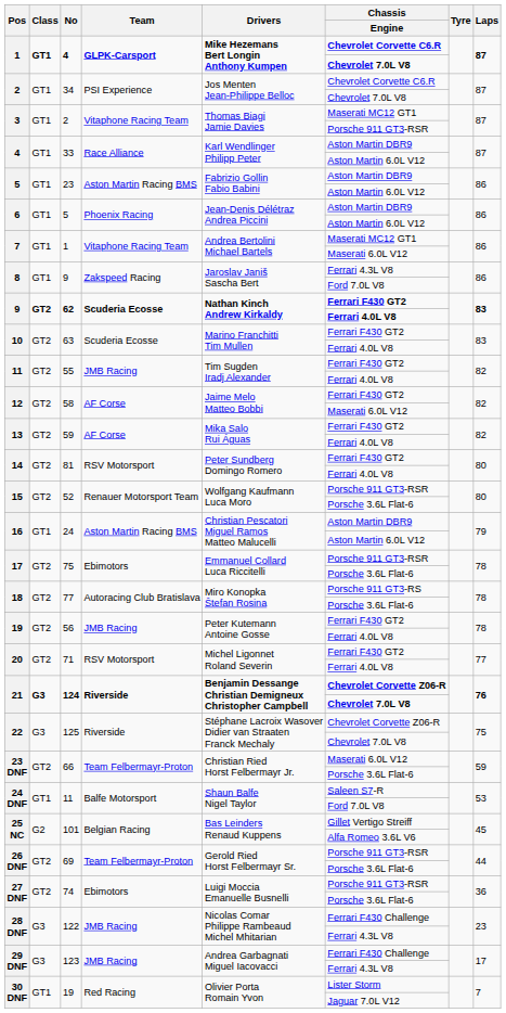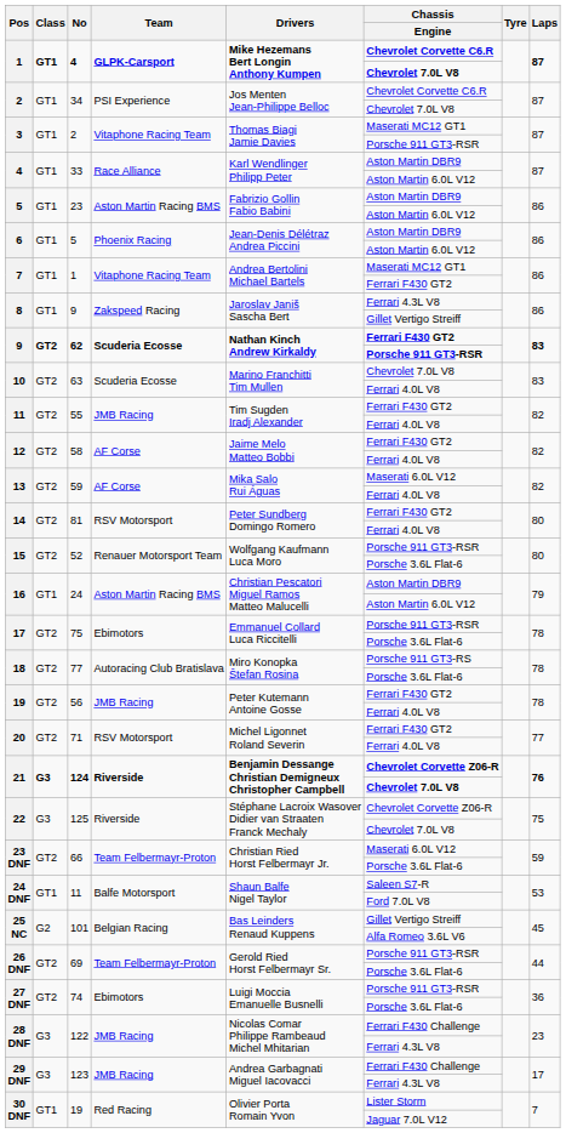 <table class="wikitable" style="font-size: 95%;">
 <tr>
 <th rowspan=2>Pos</th>
 <th rowspan=2>Class</th>
 <th rowspan=2>No</th>
 <th rowspan=2>Team</th>
 <th rowspan=2>Drivers</th>
 <th>Chassis</th>
 <th rowspan=2>Tyre</th>
 <th rowspan=2>Laps</th>
 </tr>
 <tr>
 <th>Engine</th>
 </tr>
 <tr style="font-weight:bold">
 <th rowspan=2>1</th>
 <td rowspan=2>GT1</td>
 <td rowspan=2>4</td>
 <td rowspan=2> <a href='#'>GLPK-Carsport</a></td>
 <td rowspan=2> Mike Hezemans<br> Bert Longin<br> <a href='#'>Anthony Kumpen</a></td>
 <td><a href='#'>Chevrolet Corvette C6.R</a></td>
 <td rowspan=2></td>
 <td rowspan=2>87</td>
 </tr>
 <tr style="font-weight:bold">
 <td><a href='#'>Chevrolet</a> 7.0L V8</td>
 </tr>
 <tr>
 <th rowspan=2>2</th>
 <td rowspan=2>GT1</td>
 <td rowspan=2>34</td>
 <td rowspan=2> PSI Experience</td>
 <td rowspan=2> Jos Menten<br> <a href='#'>Jean-Philippe Belloc</a></td>
 <td><a href='#'>Chevrolet Corvette C6.R</a></td>
 <td rowspan=2></td>
 <td rowspan=2>87</td>
 </tr>
 <tr>
 <td><a href='#'>Chevrolet</a> 7.0L V8</td>
 </tr>
 <tr>
 <th rowspan=2>3</th>
 <td rowspan=2>GT1</td>
 <td rowspan=2>2</td>
 <td rowspan=2> <a href='#'>Vitaphone Racing Team</a></td>
 <td rowspan=2> <a href='#'>Thomas Biagi</a><br> <a href='#'>Jamie Davies</a></td>
 <td><a href='#'>Maserati MC12</a> GT1</td>
 <td rowspan=2></td>
 <td rowspan=2>87</td>
 </tr>
 <tr>
 <td><a href='#'>Porsche 911 GT3</a>-RSR</td>
 </tr>
 <tr>
 <th rowspan=2>4</th>
 <td rowspan=2>GT1</td>
 <td rowspan=2>33</td>
 <td rowspan=2> <a href='#'>Race Alliance</a></td>
 <td rowspan=2> <a href='#'>Karl Wendlinger</a><br> <a href='#'>Philipp Peter</a></td>
 <td><a href='#'>Aston Martin DBR9</a></td>
 <td rowspan=2></td>
 <td rowspan=2>87</td>
 </tr>
 <tr>
 <td><a href='#'>Aston Martin</a> 6.0L V12</td>
 </tr>
 <tr>
 <th rowspan=2>5</th>
 <td rowspan=2>GT1</td>
 <td rowspan=2>23</td>
 <td rowspan=2> <a href='#'>Aston Martin</a> Racing <a href='#'>BMS</a></td>
 <td rowspan=2> <a href='#'>Fabrizio Gollin</a><br> <a href='#'>Fabio Babini</a></td>
 <td><a href='#'>Aston Martin DBR9</a></td>
 <td rowspan=2></td>
 <td rowspan=2>86</td>
 </tr>
 <tr>
 <td><a href='#'>Aston Martin</a> 6.0L V12</td>
 </tr>
 <tr>
 <th rowspan=2>6</th>
 <td rowspan=2>GT1</td>
 <td rowspan=2>5</td>
 <td rowspan=2> <a href='#'>Phoenix Racing</a></td>
 <td rowspan=2> <a href='#'>Jean-Denis Délétraz</a><br> <a href='#'>Andrea Piccini</a></td>
 <td><a href='#'>Aston Martin DBR9</a></td>
 <td rowspan=2></td>
 <td rowspan=2>86</td>
 </tr>
 <tr>
 <td><a href='#'>Aston Martin</a> 6.0L V12</td>
 </tr>
 <tr>
 <th rowspan=2>7</th>
 <td rowspan=2>GT1</td>
 <td rowspan=2>1</td>
 <td rowspan=2> <a href='#'>Vitaphone Racing Team</a></td>
 <td rowspan=2> <a href='#'>Andrea Bertolini</a><br> <a href='#'>Michael Bartels</a></td>
 <td><a href='#'>Maserati MC12</a> GT1</td>
 <td rowspan=2></td>
 <td rowspan=2>86</td>
 </tr>
 <tr>
-<td><a href='#'>Maserati</a> 6.0L V12</td>
+<td><a href='#'>Ferrari F430</a> GT2</td>
 </tr>
 <tr>
 <th rowspan=2>8</th>
 <td rowspan=2>GT1</td>
 <td rowspan=2>9</td>
 <td rowspan=2> <a href='#'>Zakspeed</a> Racing</td>
 <td rowspan=2> <a href='#'>Jaroslav Janiš</a><br> Sascha Bert</td>
 <td><a href='#'>Ferrari</a> 4.3L V8</td>
 <td rowspan=2></td>
 <td rowspan=2>86</td>
 </tr>
 <tr>
-<td><a href='#'>Ford</a> 7.0L V8</td>
+<td><a href='#'>Gillet</a> Vertigo Streiff</td>
 </tr>
 <tr style="font-weight:bold">
 <th rowspan=2>9</th>
 <td rowspan=2>GT2</td>
 <td rowspan=2>62</td>
 <td rowspan=2> Scuderia Ecosse</td>
 <td rowspan=2> Nathan Kinch<br> <a href='#'>Andrew Kirkaldy</a></td>
 <td><a href='#'>Ferrari F430</a> GT2</td>
 <td rowspan=2></td>
 <td rowspan=2>83</td>
 </tr>
 <tr style="font-weight:bold">
-<td><a href='#'>Ferrari</a> 4.0L V8</td>
+<td><a href='#'>Porsche 911 GT3</a>-RSR</td>
 </tr>
 <tr>
 <th rowspan=2>10</th>
 <td rowspan=2>GT2</td>
 <td rowspan=2>63</td>
 <td rowspan=2> Scuderia Ecosse</td>
 <td rowspan=2> <a href='#'>Marino Franchitti</a><br> <a href='#'>Tim Mullen</a></td>
-<td><a href='#'>Ferrari F430</a> GT2</td>
+<td><a href='#'>Chevrolet</a> 7.0L V8</td>
 <td rowspan=2></td>
 <td rowspan=2>83</td>
 </tr>
 <tr>
 <td><a href='#'>Ferrari</a> 4.0L V8</td>
 </tr>
 <tr>
 <th rowspan=2>11</th>
 <td rowspan=2>GT2</td>
 <td rowspan=2>55</td>
 <td rowspan=2> <a href='#'>JMB Racing</a></td>
 <td rowspan=2> Tim Sugden<br> <a href='#'>Iradj Alexander</a></td>
 <td><a href='#'>Ferrari F430</a> GT2</td>
 <td rowspan=2></td>
 <td rowspan=2>82</td>
 </tr>
 <tr>
 <td><a href='#'>Ferrari</a> 4.0L V8</td>
 </tr>
 <tr>
 <th rowspan=2>12</th>
 <td rowspan=2>GT2</td>
 <td rowspan=2>58</td>
 <td rowspan=2> <a href='#'>AF Corse</a></td>
 <td rowspan=2> <a href='#'>Jaime Melo</a><br> <a href='#'>Matteo Bobbi</a></td>
 <td><a href='#'>Ferrari F430</a> GT2</td>
 <td rowspan=2></td>
 <td rowspan=2>82</td>
 </tr>
 <tr>
-<td><a href='#'>Maserati</a> 6.0L V12</td>
+<td><a href='#'>Ferrari</a> 4.0L V8</td>
 </tr>
 <tr>
 <th rowspan=2>13</th>
 <td rowspan=2>GT2</td>
 <td rowspan=2>59</td>
 <td rowspan=2> <a href='#'>AF Corse</a></td>
 <td rowspan=2> <a href='#'>Mika Salo</a><br> <a href='#'>Rui Águas</a></td>
-<td><a href='#'>Ferrari F430</a> GT2</td>
+<td><a href='#'>Maserati</a> 6.0L V12</td>
 <td rowspan=2></td>
 <td rowspan=2>82</td>
 </tr>
 <tr>
 <td><a href='#'>Ferrari</a> 4.0L V8</td>
 </tr>
 <tr>
 <th rowspan=2>14</th>
 <td rowspan=2>GT2</td>
 <td rowspan=2>81</td>
 <td rowspan=2> RSV Motorsport</td>
 <td rowspan=2> <a href='#'>Peter Sundberg</a><br> Domingo Romero</td>
 <td><a href='#'>Ferrari F430</a> GT2</td>
 <td rowspan=2></td>
 <td rowspan=2>80</td>
 </tr>
 <tr>
 <td><a href='#'>Ferrari</a> 4.0L V8</td>
 </tr>
 <tr>
 <th rowspan=2>15</th>
 <td rowspan=2>GT2</td>
 <td rowspan=2>52</td>
 <td rowspan=2> Renauer Motorsport Team</td>
 <td rowspan=2> Wolfgang Kaufmann<br> Luca Moro</td>
 <td><a href='#'>Porsche 911 GT3</a>-RSR</td>
 <td rowspan=2></td>
 <td rowspan=2>80</td>
 </tr>
 <tr>
 <td><a href='#'>Porsche</a> 3.6L Flat-6</td>
 </tr>
 <tr>
 <th rowspan=2>16</th>
 <td rowspan=2>GT1</td>
 <td rowspan=2>24</td>
 <td rowspan=2> <a href='#'>Aston Martin</a> Racing <a href='#'>BMS</a></td>
 <td rowspan=2> <a href='#'>Christian Pescatori</a><br> <a href='#'>Miguel Ramos</a><br> Matteo Malucelli</td>
 <td><a href='#'>Aston Martin DBR9</a></td>
 <td rowspan=2></td>
 <td rowspan=2>79</td>
 </tr>
 <tr>
 <td><a href='#'>Aston Martin</a> 6.0L V12</td>
 </tr>
 <tr>
 <th rowspan=2>17</th>
 <td rowspan=2>GT2</td>
 <td rowspan=2>75</td>
 <td rowspan=2> Ebimotors</td>
 <td rowspan=2> <a href='#'>Emmanuel Collard</a><br> Luca Riccitelli</td>
 <td><a href='#'>Porsche 911 GT3</a>-RSR</td>
 <td rowspan=2></td>
 <td rowspan=2>78</td>
 </tr>
 <tr>
 <td><a href='#'>Porsche</a> 3.6L Flat-6</td>
 </tr>
 <tr>
 <th rowspan=2>18</th>
 <td rowspan=2>GT2</td>
 <td rowspan=2>77</td>
 <td rowspan=2> Autoracing Club Bratislava</td>
 <td rowspan=2> Miro Konopka<br> <a href='#'>Štefan Rosina</a></td>
 <td><a href='#'>Porsche 911 GT3</a>-RS</td>
 <td rowspan=2></td>
 <td rowspan=2>78</td>
 </tr>
 <tr>
 <td><a href='#'>Porsche</a> 3.6L Flat-6</td>
 </tr>
 <tr>
 <th rowspan=2>19</th>
 <td rowspan=2>GT2</td>
 <td rowspan=2>56</td>
 <td rowspan=2> <a href='#'>JMB Racing</a></td>
 <td rowspan=2> Peter Kutemann<br> Antoine Gosse</td>
 <td><a href='#'>Ferrari F430</a> GT2</td>
 <td rowspan=2></td>
 <td rowspan=2>78</td>
 </tr>
 <tr>
 <td><a href='#'>Ferrari</a> 4.0L V8</td>
 </tr>
 <tr>
 <th rowspan=2>20</th>
 <td rowspan=2>GT2</td>
 <td rowspan=2>71</td>
 <td rowspan=2> RSV Motorsport</td>
 <td rowspan=2> Michel Ligonnet<br> Roland Severin</td>
 <td><a href='#'>Ferrari F430</a> GT2</td>
 <td rowspan=2></td>
 <td rowspan=2>77</td>
 </tr>
 <tr>
 <td><a href='#'>Ferrari</a> 4.0L V8</td>
 </tr>
 <tr style="font-weight:bold">
 <th rowspan=2>21</th>
 <td rowspan=2>G3</td>
 <td rowspan=2>124</td>
 <td rowspan=2> Riverside</td>
 <td rowspan=2> Benjamin Dessange<br> Christian Demigneux<br> Christopher Campbell</td>
 <td><a href='#'>Chevrolet Corvette</a> Z06-R</td>
 <td rowspan=2></td>
 <td rowspan=2>76</td>
 </tr>
 <tr style="font-weight:bold">
 <td><a href='#'>Chevrolet</a> 7.0L V8</td>
 </tr>
 <tr>
 <th rowspan=2>22</th>
 <td rowspan=2>G3</td>
 <td rowspan=2>125</td>
 <td rowspan=2> Riverside</td>
 <td rowspan=2> Stéphane Lacroix Wasover<br> Didier van Straaten<br> Franck Mechaly</td>
 <td><a href='#'>Chevrolet Corvette</a> Z06-R</td>
 <td rowspan=2></td>
 <td rowspan=2>75</td>
 </tr>
 <tr>
 <td><a href='#'>Chevrolet</a> 7.0L V8</td>
 </tr>
 <tr>
 <th rowspan=2>23<br>DNF</th>
 <td rowspan=2>GT2</td>
 <td rowspan=2>66</td>
 <td rowspan=2> <a href='#'>Team Felbermayr-Proton</a></td>
 <td rowspan=2> Christian Ried<br> Horst Felbermayr Jr.</td>
 <td><a href='#'>Maserati</a> 6.0L V12</td>
 <td rowspan=2></td>
 <td rowspan=2>59</td>
 </tr>
 <tr>
 <td><a href='#'>Porsche</a> 3.6L Flat-6</td>
 </tr>
 <tr>
 <th rowspan=2>24<br>DNF</th>
 <td rowspan=2>GT1</td>
 <td rowspan=2>11</td>
 <td rowspan=2> Balfe Motorsport</td>
 <td rowspan=2> <a href='#'>Shaun Balfe</a><br> Nigel Taylor</td>
 <td><a href='#'>Saleen S7</a>-R</td>
 <td rowspan=2></td>
 <td rowspan=2>53</td>
 </tr>
 <tr>
 <td><a href='#'>Ford</a> 7.0L V8</td>
 </tr>
 <tr>
 <th rowspan=2>25<br>NC</th>
 <td rowspan=2>G2</td>
 <td rowspan=2>101</td>
 <td rowspan=2> Belgian Racing</td>
 <td rowspan=2> <a href='#'>Bas Leinders</a><br> Renaud Kuppens</td>
 <td><a href='#'>Gillet</a> Vertigo Streiff</td>
 <td rowspan=2></td>
 <td rowspan=2>45</td>
 </tr>
 <tr>
 <td><a href='#'>Alfa Romeo</a> 3.6L V6</td>
 </tr>
 <tr>
 <th rowspan=2>26<br>DNF</th>
 <td rowspan=2>GT2</td>
 <td rowspan=2>69</td>
 <td rowspan=2> <a href='#'>Team Felbermayr-Proton</a></td>
 <td rowspan=2> Gerold Ried<br> Horst Felbermayr Sr.</td>
 <td><a href='#'>Porsche 911 GT3</a>-RSR</td>
 <td rowspan=2></td>
 <td rowspan=2>44</td>
 </tr>
 <tr>
 <td><a href='#'>Porsche</a> 3.6L Flat-6</td>
 </tr>
 <tr>
 <th rowspan=2>27<br>DNF</th>
 <td rowspan=2>GT2</td>
 <td rowspan=2>74</td>
 <td rowspan=2> Ebimotors</td>
 <td rowspan=2> Luigi Moccia<br> Emanuelle Busnelli</td>
 <td><a href='#'>Porsche 911 GT3</a>-RSR</td>
 <td rowspan=2></td>
 <td rowspan=2>36</td>
 </tr>
 <tr>
 <td><a href='#'>Porsche</a> 3.6L Flat-6</td>
 </tr>
 <tr>
 <th rowspan=2>28<br>DNF</th>
 <td rowspan=2>G3</td>
 <td rowspan=2>122</td>
 <td rowspan=2> <a href='#'>JMB Racing</a></td>
 <td rowspan=2> Nicolas Comar<br> Philippe Rambeaud<br> Michel Mhitarian</td>
 <td><a href='#'>Ferrari F430</a> Challenge</td>
 <td rowspan=2></td>
 <td rowspan=2>23</td>
 </tr>
 <tr>
 <td><a href='#'>Ferrari</a> 4.3L V8</td>
 </tr>
 <tr>
 <th rowspan=2>29<br>DNF</th>
 <td rowspan=2>G3</td>
 <td rowspan=2>123</td>
 <td rowspan=2> <a href='#'>JMB Racing</a></td>
 <td rowspan=2> Andrea Garbagnati<br> Miguel Iacovacci</td>
 <td><a href='#'>Ferrari F430</a> Challenge</td>
 <td rowspan=2></td>
 <td rowspan=2>17</td>
 </tr>
 <tr>
 <td><a href='#'>Ferrari</a> 4.3L V8</td>
 </tr>
 <tr>
 <th rowspan=2>30<br>DNF</th>
 <td rowspan=2>GT1</td>
 <td rowspan=2>19</td>
 <td rowspan=2> Red Racing</td>
 <td rowspan=2> Olivier Porta<br> Romain Yvon</td>
 <td><a href='#'>Lister Storm</a></td>
 <td rowspan=2></td>
 <td rowspan=2>7</td>
 </tr>
 <tr>
 <td><a href='#'>Jaguar</a> 7.0L V12</td>
 </tr>
 </table>
